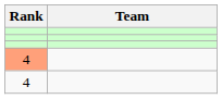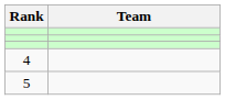 <table class="wikitable" style="text-align: center;">
 <tr>
 <th width=40>Rank</th>
 <th width=180>Team</th>
 </tr>
 <tr bgcolor=#CCFFCC>
 <td></td>
 <td style="text-align:left;"></td>
 </tr>
 <tr bgcolor=#CCFFCC>
 <td></td>
 <td style="text-align:left;"></td>
 </tr>
 <tr bgcolor=#CCFFCC>
 <td></td>
 <td style="text-align:left;"></td>
 </tr>
 <tr>
-<td style="background: lightsalmon;">4</td>
+<td>4</td>
 <td style="text-align:left;"></td>
 </tr>
 <tr>
-<td>4</td>
+<td>5</td>
 <td style="text-align:left;"></td>
 </tr>
 </table>
